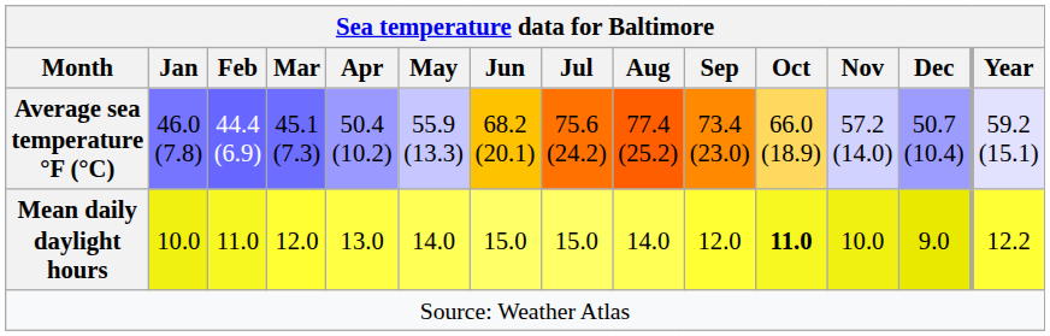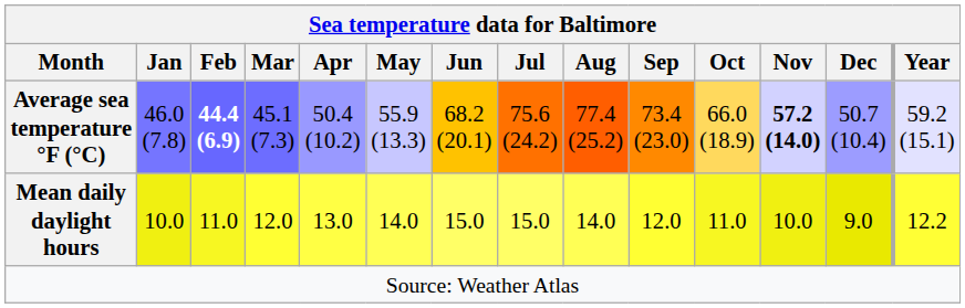 <table style="width:100%;text-align:center;line-height:1.2em;margin-left:auto;margin-right:auto" class="wikitable mw-collapsible mw-collapsed">
 <tr>
 <th Colspan=14><a href='#'>Sea temperature</a> data for Baltimore</th>
 </tr>
 <tr>
 <th>Month</th>
 <th>Jan</th>
 <th>Feb</th>
 <th>Mar</th>
 <th>Apr</th>
 <th>May</th>
 <th>Jun</th>
 <th>Jul</th>
 <th>Aug</th>
 <th>Sep</th>
 <th>Oct</th>
 <th>Nov</th>
 <th>Dec</th>
 <th style="border-left-width:medium">Year</th>
 </tr>
 <tr>
 <th>Average sea temperature °F (°C)</th>
 <td style="background:#7575FF;color:#000000;">46.0<br>(7.8)</td>
-<td style="background:#6767FF;color:#FFFFFF;">44.4<br>(6.9)</td>
+<td style="background:#6767FF;color:#FFFFFF;"><strong>44.4<br>(6.9)</strong></td>
 <td style="background:#6D6DFF;color:#000000;">45.1<br>(7.3)</td>
 <td style="background:#9999FF;color:#000000;">50.4<br>(10.2)</td>
 <td style="background:#C7C7FF;color:#000000;">55.9<br>(13.3)</td>
 <td style="background:#FFC200;color:#000000;">68.2<br>(20.1)</td>
 <td style="background:#FF7100;color:#000000;">75.6<br>(24.2)</td>
 <td style="background:#FF5E00;color:#000000;">77.4<br>(25.2)</td>
 <td style="background:#FF8900;color:#000000;">73.4<br>(23.0)</td>
 <td style="background:#FFD95D;color:#000000;">66.0<br>(18.9)</td>
-<td style="background:#D2D2FF;color:#000000;">57.2<br>(14.0)</td>
+<td style="background:#D2D2FF;color:#000000;"><strong>57.2<br>(14.0)</strong></td>
 <td style="background:#9C9CFF;color:#000000;">50.7<br>(10.4)</td>
 <td style="background:#E2E2FF;color:#000000;border-left-width:medium">59.2<br>(15.1)</td>
 </tr>
 <tr>
 <th>Mean daily daylight hours</th>
 <td style="background:#F0F011;color:#000000;">10.0</td>
 <td style="background:#F7F722;color:#000000;">11.0</td>
 <td style="background:#FFFF33;color:#000000;">12.0</td>
 <td style="background:#FFFF44;color:#000000;">13.0</td>
 <td style="background:#FFFF55;color:#000000;">14.0</td>
 <td style="background:#FFFF66;color:#000000;">15.0</td>
 <td style="background:#FFFF66;color:#000000;">15.0</td>
 <td style="background:#FFFF55;color:#000000;">14.0</td>
 <td style="background:#FFFF33;color:#000000;">12.0</td>
-<td style="background:#F7F722;color:#000000;"><strong>11.0</strong></td>
+<td style="background:#F7F722;color:#000000;">11.0</td>
 <td style="background:#F0F011;color:#000000;">10.0</td>
 <td style="background:#E9E900;color:#000000;">9.0</td>
 <td style="background:#FFFF35;color:#000000;border-left-width:medium">12.2</td>
 </tr>
 <tr>
 <th Colspan=14 style="background:#f8f9fa;font-weight:normal;font-size:95%;">Source: Weather Atlas</th>
 </tr>
 </table>
